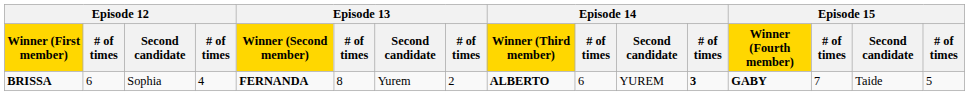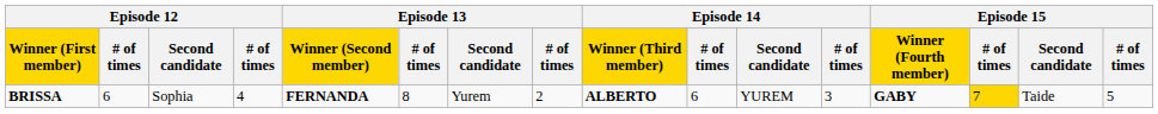 <table class="wikitable">
 <tr>
 <th colspan=4><strong>Episode 12</strong></th>
 <th colspan=4><strong>Episode 13</strong></th>
 <th colspan=4><strong>Episode 14</strong></th>
 <th colspan=4><strong>Episode 15</strong></th>
 </tr>
 <tr>
 <th style="background:#FFD700">Winner (First member)</th>
 <th># of times</th>
 <th>Second candidate</th>
 <th># of times</th>
 <th style="background:#FFD700">Winner (Second member)</th>
 <th># of times</th>
 <th>Second candidate</th>
 <th># of times</th>
 <th style="background:#FFD700">Winner (Third member)</th>
 <th># of times</th>
 <th>Second candidate</th>
 <th># of times</th>
 <th style="background:#FFD700">Winner (Fourth member)</th>
 <th># of times</th>
 <th>Second candidate</th>
 <th># of times</th>
 </tr>
 <tr>
 <td><strong>BRISSA</strong></td>
 <td>6</td>
 <td>Sophia</td>
 <td>4</td>
 <td><strong>FERNANDA</strong></td>
 <td>8</td>
 <td>Yurem</td>
 <td>2</td>
 <td><strong>ALBERTO</strong></td>
 <td>6</td>
 <td>YUREM</td>
-<td><strong>3</strong></td>
+<td>3</td>
 <td><strong>GABY</strong></td>
-<td>7</td>
+<td style="background: gold;">7</td>
 <td>Taide</td>
 <td>5</td>
 </tr>
 </table>
